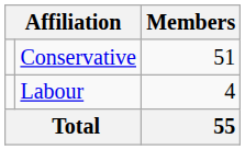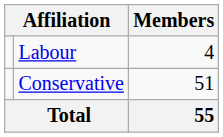 <table class="wikitable">
 <tr>
 <th colspan="2">Affiliation</th>
 <th>Members</th>
 </tr>
 <tr>
 <td style="color:inherit;background:"></td>
-<td><a href='#'>Conservative</a></td>
-<td style="text-align:right;">51</td>
+<td><a href='#'>Labour</a></td>
+<td style="text-align:right;">4</td>
 </tr>
 <tr>
 <td style="color:inherit;background:"></td>
-<td><a href='#'>Labour</a></td>
-<td style="text-align:right;">4</td>
+<td><a href='#'>Conservative</a></td>
+<td style="text-align:right;">51</td>
 </tr>
 <tr>
 <th colspan="2"> Total</th>
 <th style="text-align:right;">55</th>
 </tr>
 </table>
